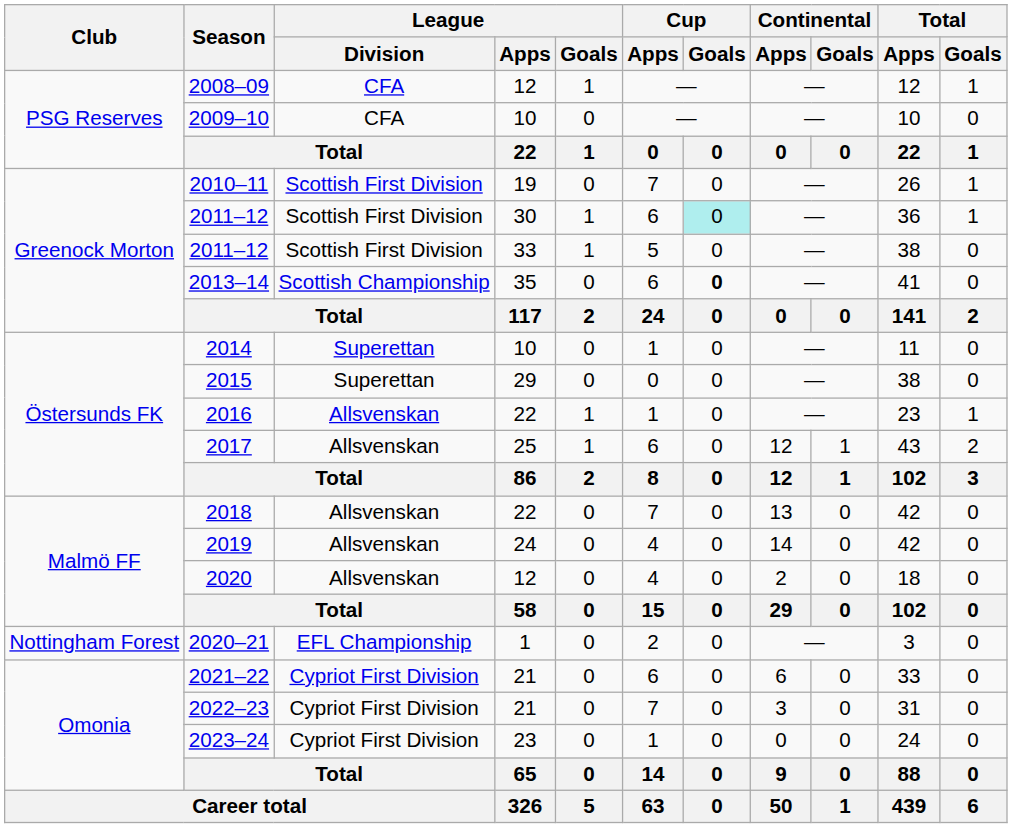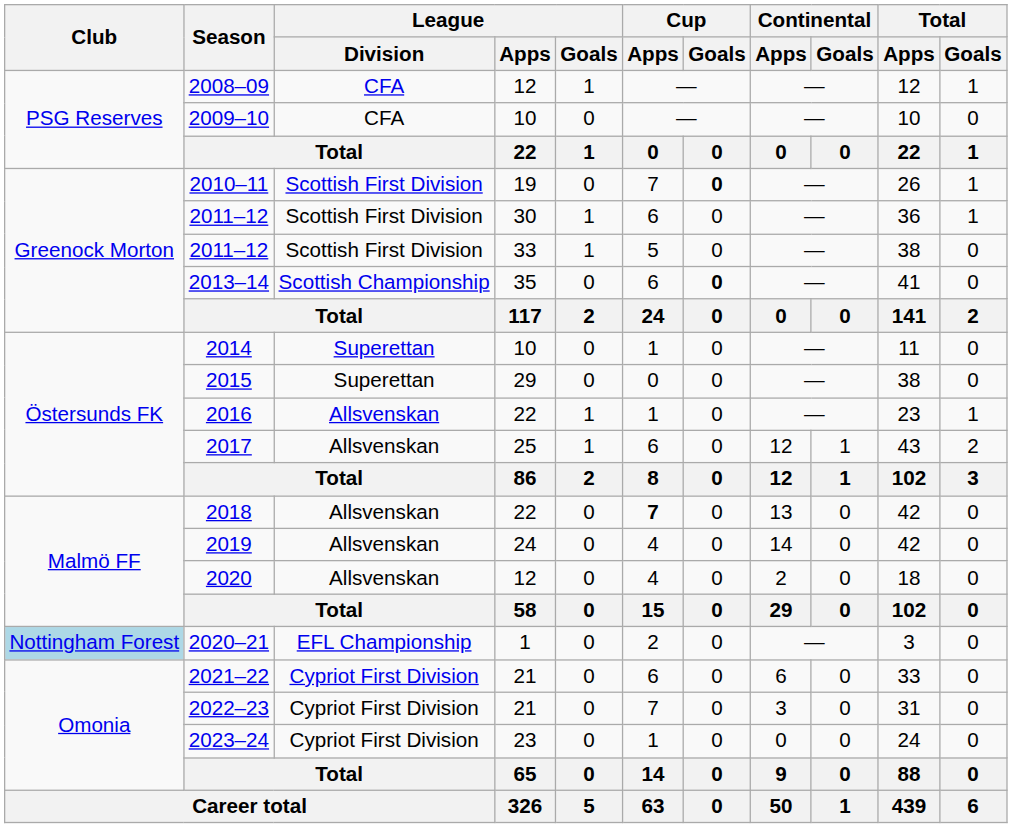 <table class="wikitable" style="text-align:center">
 <tr>
 <th rowspan="2">Club</th>
 <th rowspan="2">Season</th>
 <th colspan="3">League</th>
 <th colspan="2">Cup</th>
 <th colspan="2">Continental</th>
 <th colspan="2">Total</th>
 </tr>
 <tr>
 <th>Division</th>
 <th>Apps</th>
 <th>Goals</th>
 <th>Apps</th>
 <th>Goals</th>
 <th>Apps</th>
 <th>Goals</th>
 <th>Apps</th>
 <th>Goals</th>
 </tr>
 <tr>
 <td rowspan="3"><a href='#'>PSG Reserves</a></td>
 <td><a href='#'>2008–09</a></td>
 <td><a href='#'>CFA</a></td>
 <td>12</td>
 <td>1</td>
 <td colspan="2">—</td>
 <td colspan="2">—</td>
 <td>12</td>
 <td>1</td>
 </tr>
 <tr>
 <td><a href='#'>2009–10</a></td>
 <td>CFA</td>
 <td>10</td>
 <td>0</td>
 <td colspan="2">—</td>
 <td colspan="2">—</td>
 <td>10</td>
 <td>0</td>
 </tr>
 <tr>
 <th colspan="2">Total</th>
 <th>22</th>
 <th>1</th>
 <th>0</th>
 <th>0</th>
 <th>0</th>
 <th>0</th>
 <th>22</th>
 <th>1</th>
 </tr>
 <tr>
 <td rowspan="5"><a href='#'>Greenock Morton</a></td>
 <td><a href='#'>2010–11</a></td>
 <td><a href='#'>Scottish First Division</a></td>
 <td>19</td>
 <td>0</td>
 <td>7</td>
-<td>0</td>
+<td><strong>0</strong></td>
 <td colspan="2">—</td>
 <td>26</td>
 <td>1</td>
 </tr>
 <tr>
 <td><a href='#'>2011–12</a></td>
 <td>Scottish First Division</td>
 <td>30</td>
 <td>1</td>
 <td>6</td>
-<td style="background: paleturquoise;">0</td>
+<td>0</td>
 <td colspan="2">—</td>
 <td>36</td>
 <td>1</td>
 </tr>
 <tr>
 <td><a href='#'>2011–12</a></td>
 <td>Scottish First Division</td>
 <td>33</td>
 <td>1</td>
 <td>5</td>
 <td>0</td>
 <td colspan="2">—</td>
 <td>38</td>
 <td>0</td>
 </tr>
 <tr>
 <td><a href='#'>2013–14</a></td>
 <td><a href='#'>Scottish Championship</a></td>
 <td>35</td>
 <td>0</td>
 <td>6</td>
 <td><strong>0</strong></td>
 <td colspan="2">—</td>
 <td>41</td>
 <td>0</td>
 </tr>
 <tr>
 <th colspan="2">Total</th>
 <th>117</th>
 <th>2</th>
 <th>24</th>
 <th>0</th>
 <th>0</th>
 <th>0</th>
 <th>141</th>
 <th>2</th>
 </tr>
 <tr>
 <td rowspan="5"><a href='#'>Östersunds FK</a></td>
 <td><a href='#'>2014</a></td>
 <td><a href='#'>Superettan</a></td>
 <td>10</td>
 <td>0</td>
 <td>1</td>
 <td>0</td>
 <td colspan="2">—</td>
 <td>11</td>
 <td>0</td>
 </tr>
 <tr>
 <td><a href='#'>2015</a></td>
 <td>Superettan</td>
 <td>29</td>
 <td>0</td>
 <td>0</td>
 <td>0</td>
 <td colspan="2">—</td>
 <td>38</td>
 <td>0</td>
 </tr>
 <tr>
 <td><a href='#'>2016</a></td>
 <td><a href='#'>Allsvenskan</a></td>
 <td>22</td>
 <td>1</td>
 <td>1</td>
 <td>0</td>
 <td colspan="2">—</td>
 <td>23</td>
 <td>1</td>
 </tr>
 <tr>
 <td><a href='#'>2017</a></td>
 <td>Allsvenskan</td>
 <td>25</td>
 <td>1</td>
 <td>6</td>
 <td>0</td>
 <td>12</td>
 <td>1</td>
 <td>43</td>
 <td>2</td>
 </tr>
 <tr>
 <th colspan="2">Total</th>
 <th>86</th>
 <th>2</th>
 <th>8</th>
 <th>0</th>
 <th>12</th>
 <th>1</th>
 <th>102</th>
 <th>3</th>
 </tr>
 <tr>
 <td rowspan="4"><a href='#'>Malmö FF</a></td>
 <td><a href='#'>2018</a></td>
 <td>Allsvenskan</td>
 <td>22</td>
 <td>0</td>
-<td>7</td>
+<td><strong>7</strong></td>
 <td>0</td>
 <td>13</td>
 <td>0</td>
 <td>42</td>
 <td>0</td>
 </tr>
 <tr>
 <td><a href='#'>2019</a></td>
 <td>Allsvenskan</td>
 <td>24</td>
 <td>0</td>
 <td>4</td>
 <td>0</td>
 <td>14</td>
 <td>0</td>
 <td>42</td>
 <td>0</td>
 </tr>
 <tr>
 <td><a href='#'>2020</a></td>
 <td>Allsvenskan</td>
 <td>12</td>
 <td>0</td>
 <td>4</td>
 <td>0</td>
 <td>2</td>
 <td>0</td>
 <td>18</td>
 <td>0</td>
 </tr>
 <tr>
 <th colspan="2">Total</th>
 <th>58</th>
 <th>0</th>
 <th>15</th>
 <th>0</th>
 <th>29</th>
 <th>0</th>
 <th>102</th>
 <th>0</th>
 </tr>
 <tr>
-<td><a href='#'>Nottingham Forest</a></td>
+<td style="background: lightblue;"><a href='#'>Nottingham Forest</a></td>
 <td><a href='#'>2020–21</a></td>
 <td><a href='#'>EFL Championship</a></td>
 <td>1</td>
 <td>0</td>
 <td>2</td>
 <td>0</td>
 <td colspan="2">—</td>
 <td>3</td>
 <td>0</td>
 </tr>
 <tr>
 <td rowspan="4"><a href='#'>Omonia</a></td>
 <td><a href='#'>2021–22</a></td>
 <td><a href='#'>Cypriot First Division</a></td>
 <td>21</td>
 <td>0</td>
 <td>6</td>
 <td>0</td>
 <td>6</td>
 <td>0</td>
 <td>33</td>
 <td>0</td>
 </tr>
 <tr>
 <td><a href='#'>2022–23</a></td>
 <td>Cypriot First Division</td>
 <td>21</td>
 <td>0</td>
 <td>7</td>
 <td>0</td>
 <td>3</td>
 <td>0</td>
 <td>31</td>
 <td>0</td>
 </tr>
 <tr>
 <td><a href='#'>2023–24</a></td>
 <td>Cypriot First Division</td>
 <td>23</td>
 <td>0</td>
 <td>1</td>
 <td>0</td>
 <td>0</td>
 <td>0</td>
 <td>24</td>
 <td>0</td>
 </tr>
 <tr>
 <th colspan="2">Total</th>
 <th>65</th>
 <th>0</th>
 <th>14</th>
 <th>0</th>
 <th>9</th>
 <th>0</th>
 <th>88</th>
 <th>0</th>
 </tr>
 <tr>
 <th colspan="3">Career total</th>
 <th>326</th>
 <th>5</th>
 <th>63</th>
 <th>0</th>
 <th>50</th>
 <th>1</th>
 <th>439</th>
 <th>6</th>
 </tr>
 </table>
